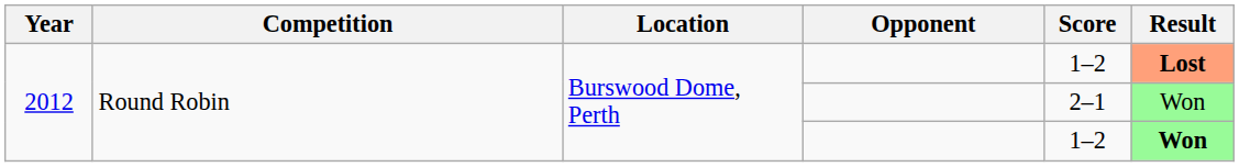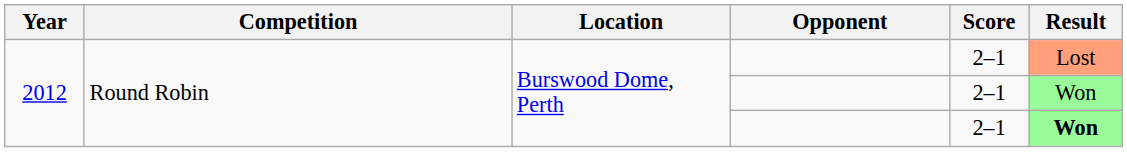 <table class="wikitable">
 <tr>
 <th width="50">Year</th>
 <th width="300">Competition</th>
 <th width="150">Location</th>
 <th width="150">Opponent</th>
 <th width="50">Score</th>
 <th width="60">Result</th>
 </tr>
 <tr>
 <td align="center" rowspan="3"><a href='#'>2012</a></td>
 <td rowspan=3>Round Robin</td>
 <td rowspan=3><a href='#'>Burswood Dome</a>, <a href='#'>Perth</a></td>
 <td></td>
-<td align="center">1–2</td>
-<td align="center" bgcolor="#FFA07A"><strong>Lost</strong></td>
+<td align="center">2–1</td>
+<td align="center" bgcolor="#FFA07A">Lost</td>
 </tr>
 <tr>
 <td></td>
 <td align="center">2–1</td>
 <td align="center" bgcolor="#98FB98">Won</td>
 </tr>
 <tr>
 <td></td>
-<td align="center">1–2</td>
+<td align="center">2–1</td>
 <td align="center" bgcolor="#98FB98"><strong>Won</strong></td>
 </tr>
 </table>
